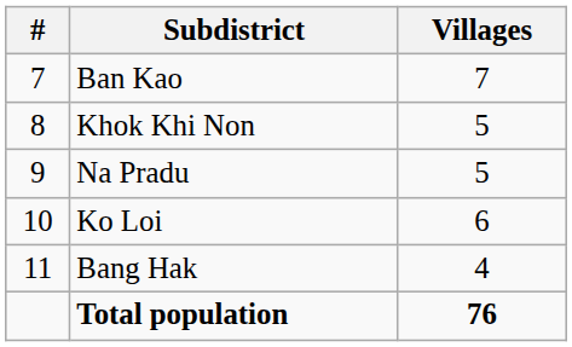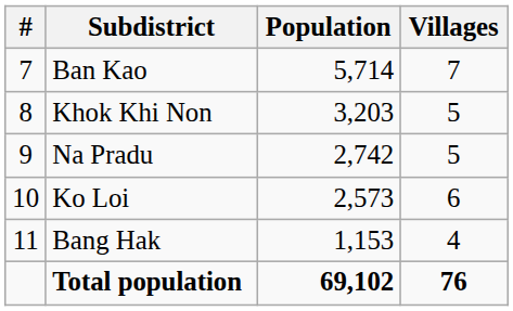 <table class="wikitable" style="width:48%; display:inline-table;">
 <tr>
 <th>#</th>
 <th>Subdistrict</th>
+<th>Population</th>
 <th>Villages</th>
 </tr>
 <tr>
 <td style="text-align:center;">7</td>
 <td>Ban Kao</td>
+<td style="text-align:right;">5,714</td>
 <td style="text-align:center;">7</td>
 </tr>
 <tr>
 <td style="text-align:center;">8</td>
 <td>Khok Khi Non</td>
+<td style="text-align:right;">3,203</td>
 <td style="text-align:center;">5</td>
 </tr>
 <tr>
 <td style="text-align:center;">9</td>
 <td>Na Pradu</td>
+<td style="text-align:right;">2,742</td>
 <td style="text-align:center;">5</td>
 </tr>
 <tr>
 <td style="text-align:center;">10</td>
 <td>Ko Loi</td>
+<td style="text-align:right;">2,573</td>
 <td style="text-align:center;">6</td>
 </tr>
 <tr>
 <td style="text-align:center;">11</td>
 <td>Bang Hak</td>
+<td style="text-align:right;">1,153</td>
 <td style="text-align:center;">4</td>
 </tr>
 <tr>
 <td></td>
 <td><strong>Total population</strong></td>
+<td style="text-align:right;"><strong>69,102</strong></td>
 <td style="text-align:center;"><strong>76</strong></td>
 </tr>
 </table>
